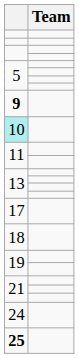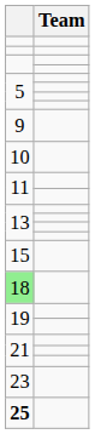 <table class=wikitable style="text-align:center;">
 <tr>
 <th></th>
 <th>Team</th>
 </tr>
 <tr>
 <td></td>
 <td style="text-align:left;"></td>
 </tr>
 <tr>
 <td></td>
 <td style="text-align:left;"></td>
 </tr>
 <tr>
 <td rowspan=2></td>
 <td style="text-align:left;"></td>
 </tr>
 <tr>
 <td style="text-align:left;"></td>
 </tr>
 <tr>
 <td rowspan=4>5</td>
 <td style="text-align:left;"></td>
 </tr>
 <tr>
 <td style="text-align:left;"></td>
 </tr>
 <tr>
 <td style="text-align:left;"></td>
 </tr>
 <tr>
 <td style="text-align:left;"></td>
 </tr>
 <tr>
-<td><strong>9</strong></td>
+<td>9</td>
 <td style="text-align:left;"></td>
 </tr>
 <tr>
-<td style="background: paleturquoise;">10</td>
+<td>10</td>
 <td style="text-align:left;"></td>
 </tr>
 <tr>
 <td rowspan=2>11</td>
 <td style="text-align:left;"></td>
 </tr>
 <tr>
 <td style="text-align:left;"></td>
 </tr>
 <tr>
 <td rowspan=4>13</td>
 <td style="text-align:left;"></td>
 </tr>
 <tr>
 <td style="text-align:left;"></td>
 </tr>
 <tr>
 <td style="text-align:left;"></td>
 </tr>
 <tr>
 <td style="text-align:left;"></td>
 </tr>
 <tr>
-<td>17</td>
+<td>15</td>
 <td style="text-align:left;"></td>
 </tr>
 <tr>
-<td>18</td>
+<td style="background: lightgreen;">18</td>
 <td style="text-align:left;"></td>
 </tr>
 <tr>
 <td rowspan=2>19</td>
 <td style="text-align:left;"></td>
 </tr>
 <tr>
 <td style="text-align:left;"></td>
 </tr>
 <tr>
 <td rowspan=3>21</td>
 <td style="text-align:left;"></td>
 </tr>
 <tr>
 <td style="text-align:left;"></td>
 </tr>
 <tr>
 <td style="text-align:left;"></td>
 </tr>
 <tr>
-<td>24</td>
+<td>23</td>
 <td style="text-align:left;"></td>
 </tr>
 <tr>
 <td><strong>25</strong></td>
 <td style="text-align:left;"></td>
 </tr>
 </table>
